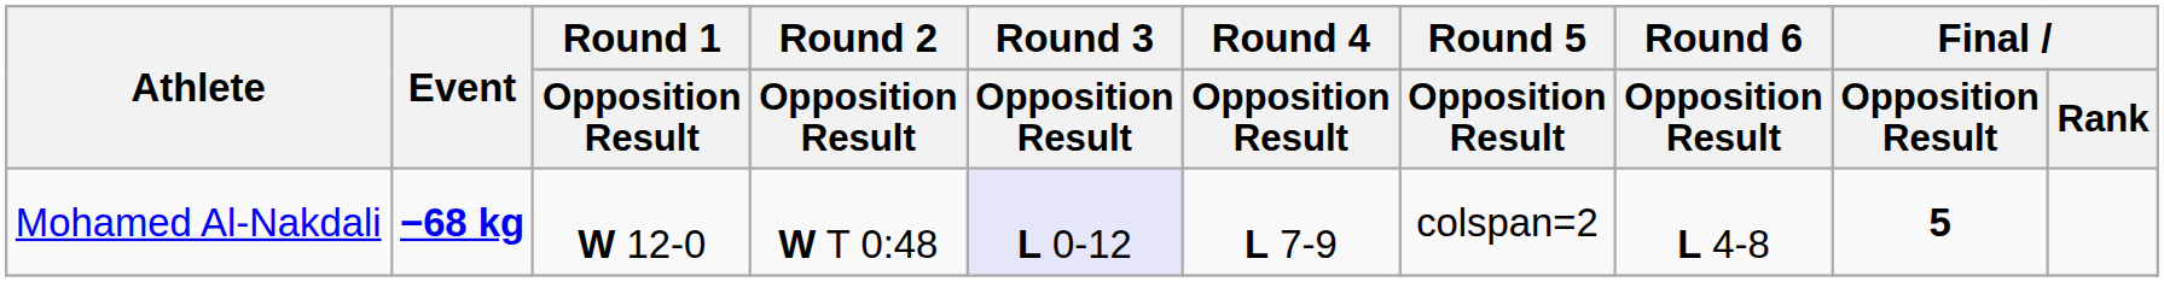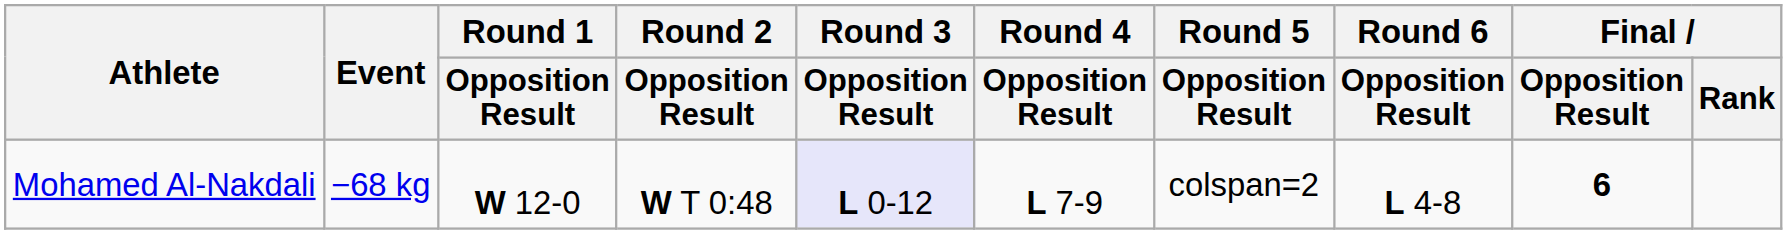 <table class="wikitable" style="font-size:90%">
 <tr>
 <th rowspan="2">Athlete</th>
 <th rowspan="2">Event</th>
 <th>Round 1</th>
 <th>Round 2</th>
 <th>Round 3</th>
 <th>Round 4</th>
 <th>Round 5</th>
 <th>Round 6</th>
 <th colspan=2>Final / </th>
 </tr>
 <tr style="font-size: 95%">
 <th>Opposition<br>Result</th>
 <th>Opposition<br>Result</th>
 <th>Opposition<br>Result</th>
 <th>Opposition<br>Result</th>
 <th>Opposition<br>Result</th>
 <th>Opposition<br>Result</th>
 <th>Opposition<br>Result</th>
 <th>Rank</th>
 </tr>
 <tr align=center>
 <td align=left><a href='#'>Mohamed Al-Nakdali</a></td>
-<td align=left><strong><a href='#'>−68 kg</a></strong></td>
+<td align=left><a href='#'>−68 kg</a></td>
 <td><br><strong>W</strong> 12-0</td>
 <td><br><strong>W</strong> T 0:48</td>
 <td style="background: lavender;"><br><strong>L</strong> 0-12</td>
 <td><br><strong>L</strong> 7-9</td>
 <td>colspan=2 </td>
 <td><br><strong>L</strong> 4-8</td>
-<td><strong>5</strong></td>
+<td><strong>6</strong></td>
 </tr>
 </table>
